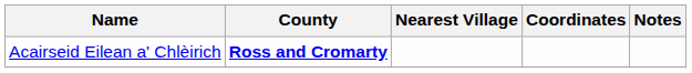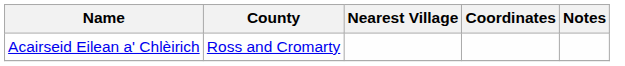 <table class="wikitable sortable" style="table-layout:fixed;background-color:#FEFEFE;font-size:95%;padding:0.30em;line-height:1.35em;">
 <tr>
 <th scope="col">Name</th>
 <th scope="col">County</th>
 <th scope="col">Nearest Village</th>
 <th scope="col" data-sort-type="number">Coordinates</th>
 <th scope="col">Notes</th>
 </tr>
 <tr>
 <td><a href='#'>Acairseid Eilean a' Chlèirich</a></td>
-<td><strong><a href='#'>Ross and Cromarty</a></strong></td>
+<td><a href='#'>Ross and Cromarty</a></td>
 <td></td>
 <td></td>
 <td></td>
 </tr>
 <tr>
 </tr>
 </table>
